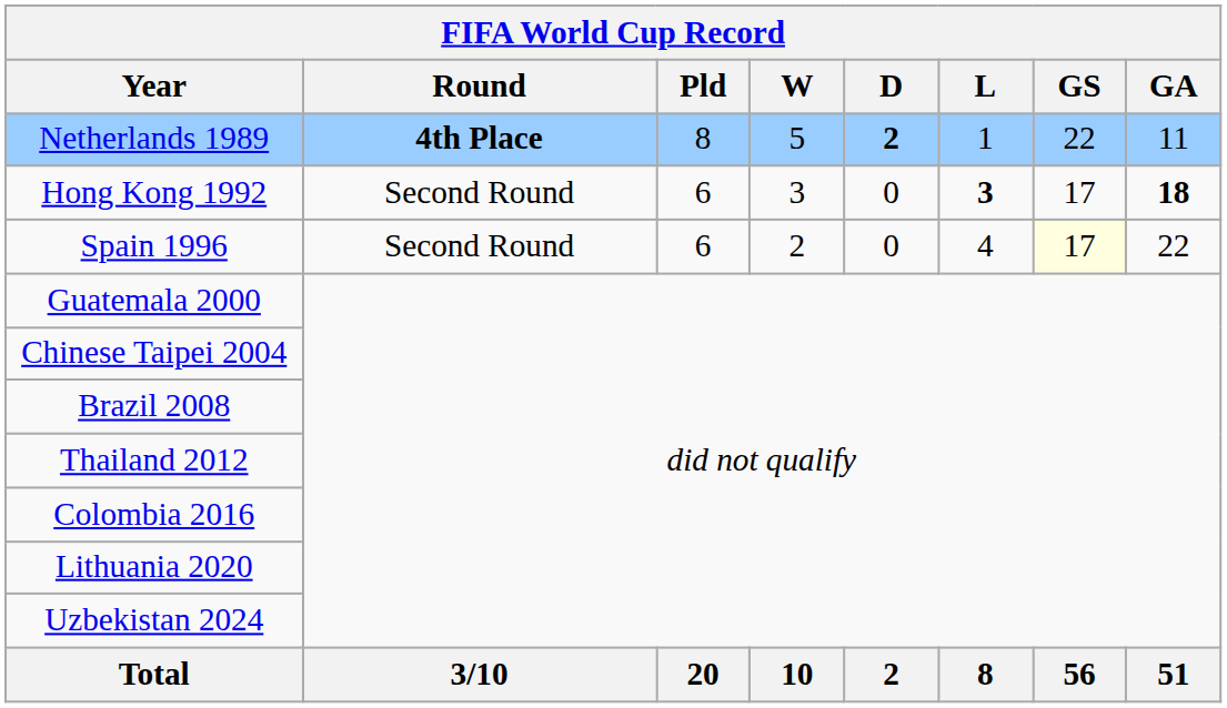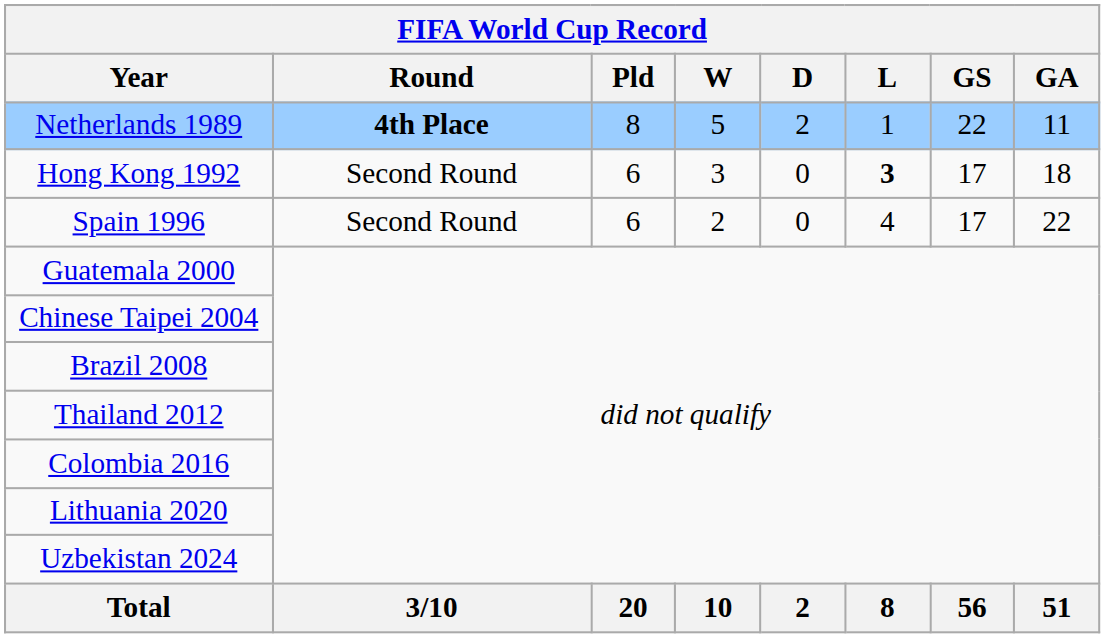 <table class="wikitable" style="text-align: center;font-size:90%;">
 <tr>
 <th colspan=8><a href='#'>FIFA World Cup Record</a></th>
 </tr>
 <tr>
 <th width=125>Year</th>
 <th width=150>Round</th>
 <th width=35>Pld</th>
 <th width=35>W</th>
 <th width=35>D</th>
 <th width=35>L</th>
 <th width=35>GS</th>
 <th width=35>GA</th>
 </tr>
 <tr bgcolor=#9acdff>
 <td><a href='#'>Netherlands 1989</a></td>
 <td><strong>4th Place</strong></td>
 <td>8</td>
 <td>5</td>
-<td><strong>2</strong></td>
+<td>2</td>
 <td>1</td>
 <td>22</td>
 <td>11</td>
 </tr>
 <tr>
 <td><a href='#'>Hong Kong 1992</a></td>
 <td>Second Round</td>
 <td>6</td>
 <td>3</td>
 <td>0</td>
 <td><strong>3</strong></td>
 <td>17</td>
-<td><strong>18</strong></td>
+<td>18</td>
 </tr>
 <tr>
 <td><a href='#'>Spain 1996</a></td>
 <td>Second Round</td>
 <td>6</td>
 <td>2</td>
 <td>0</td>
 <td>4</td>
-<td style="background: lightyellow;">17</td>
+<td>17</td>
 <td>22</td>
 </tr>
 <tr>
 <td><a href='#'>Guatemala 2000</a></td>
 <td colspan=7 rowspan=7><em>did not qualify</em></td>
 </tr>
 <tr>
 <td><a href='#'>Chinese Taipei 2004</a></td>
 </tr>
 <tr>
 <td><a href='#'>Brazil 2008</a></td>
 </tr>
 <tr>
 <td><a href='#'>Thailand 2012</a></td>
 </tr>
 <tr>
 <td><a href='#'>Colombia 2016</a></td>
 </tr>
 <tr>
 <td><a href='#'>Lithuania 2020</a></td>
 </tr>
 <tr>
 <td><a href='#'>Uzbekistan 2024</a></td>
 </tr>
 <tr>
 <th><strong>Total</strong></th>
 <th>3/10</th>
 <th>20</th>
 <th>10</th>
 <th>2</th>
 <th>8</th>
 <th>56</th>
 <th>51</th>
 </tr>
 </table>
